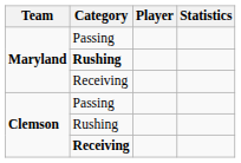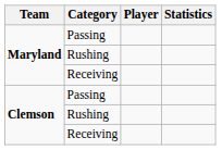 <table class="wikitable" style="float: left;">
 <tr>
 <th>Team</th>
 <th>Category</th>
 <th>Player</th>
 <th>Statistics</th>
 </tr>
 <tr>
 <td rowspan=3><strong>Maryland</strong></td>
 <td>Passing</td>
 <td></td>
 <td></td>
 </tr>
 <tr>
-<td><strong>Rushing</strong></td>
+<td>Rushing</td>
 <td></td>
 <td></td>
 </tr>
 <tr>
 <td>Receiving</td>
 <td></td>
 <td></td>
 </tr>
 <tr>
 <td rowspan=3><strong>Clemson</strong></td>
 <td>Passing</td>
 <td></td>
 <td></td>
 </tr>
 <tr>
 <td>Rushing</td>
 <td></td>
 <td></td>
 </tr>
 <tr>
-<td><strong>Receiving</strong></td>
+<td>Receiving</td>
 <td></td>
 <td></td>
 </tr>
 </table>
